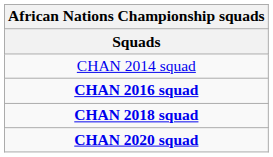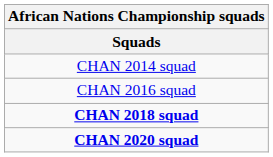 <table class="wikitable sortable collapsible collapsed" style="text-align:center">
 <tr>
 <th colspan="1"  style="text-align:center;">African Nations Championship squads</th>
 </tr>
 <tr>
 <th>Squads</th>
 </tr>
 <tr>
 <td><a href='#'>CHAN 2014 squad</a></td>
 </tr>
 <tr>
-<td><strong><a href='#'>CHAN 2016 squad</a></strong></td>
+<td><a href='#'>CHAN 2016 squad</a></td>
 </tr>
 <tr>
 <td><strong><a href='#'>CHAN 2018 squad</a></strong></td>
 </tr>
 <tr>
 <td><strong><a href='#'>CHAN 2020 squad</a></strong></td>
 </tr>
 </table>
